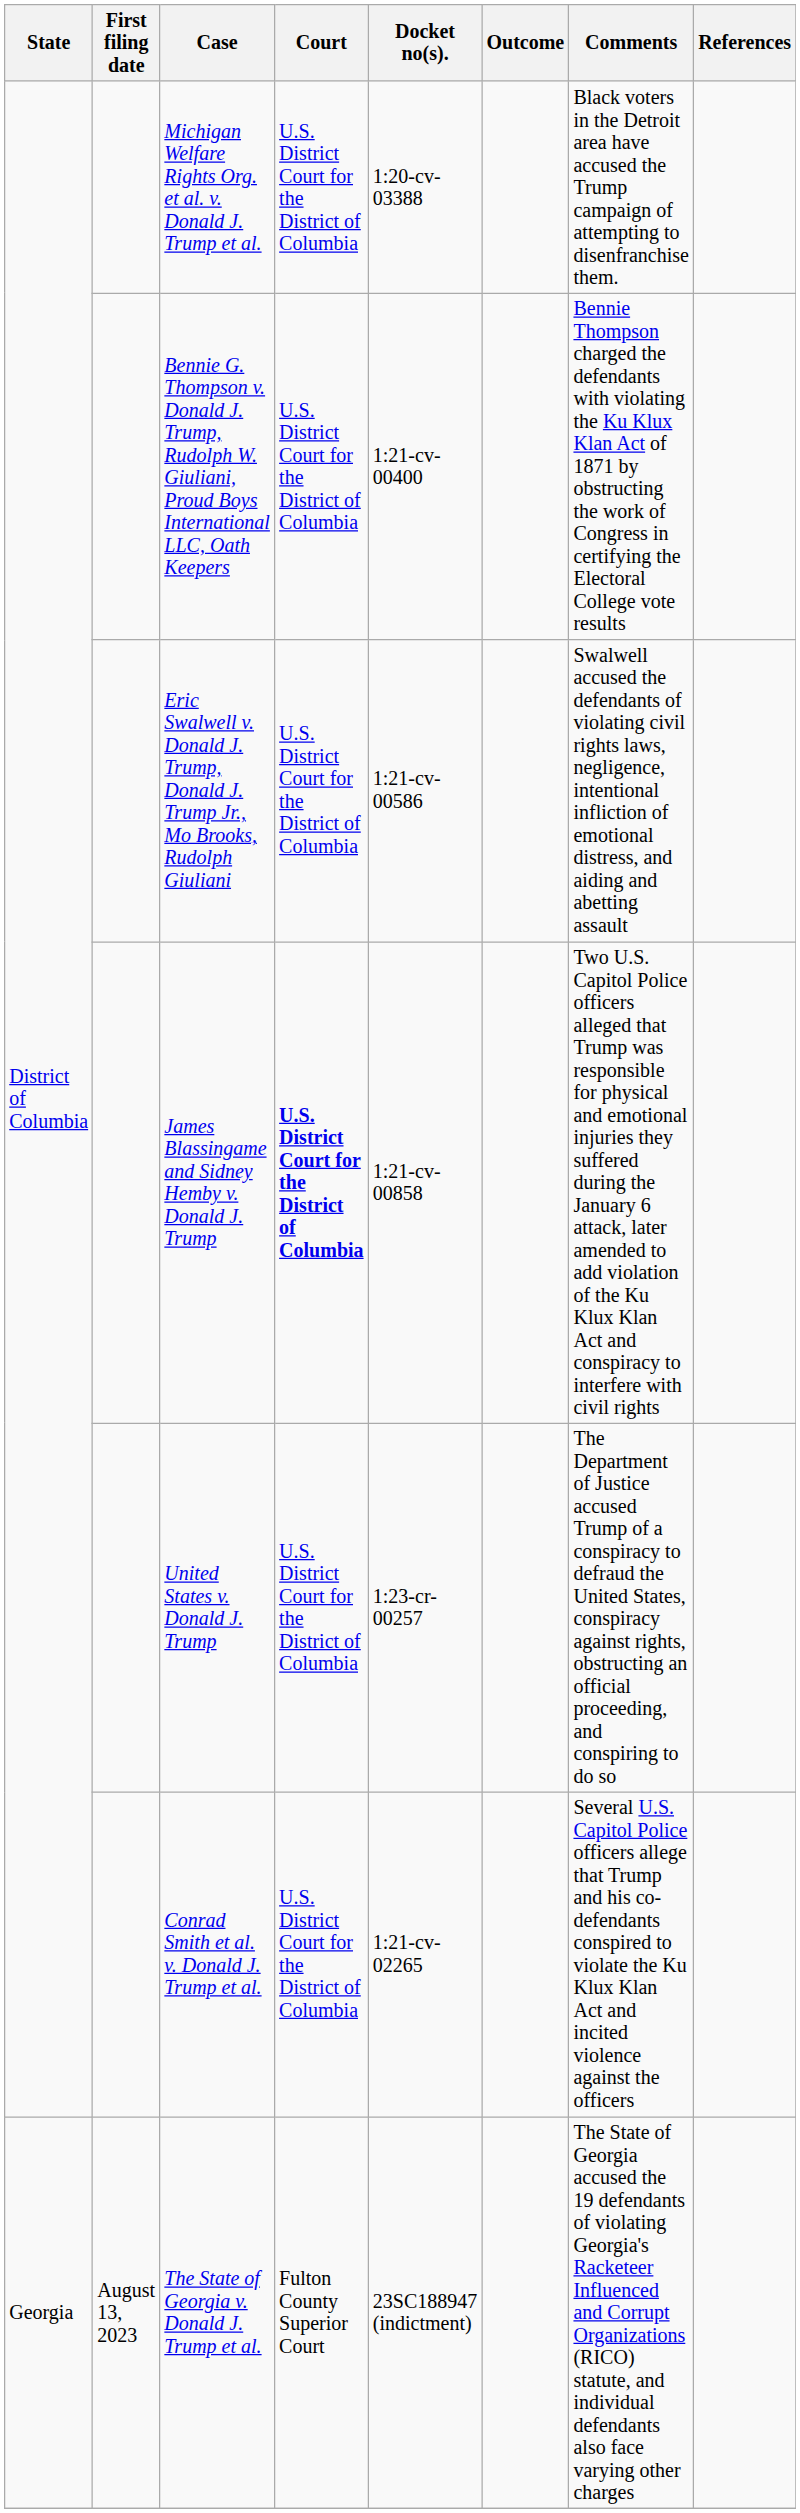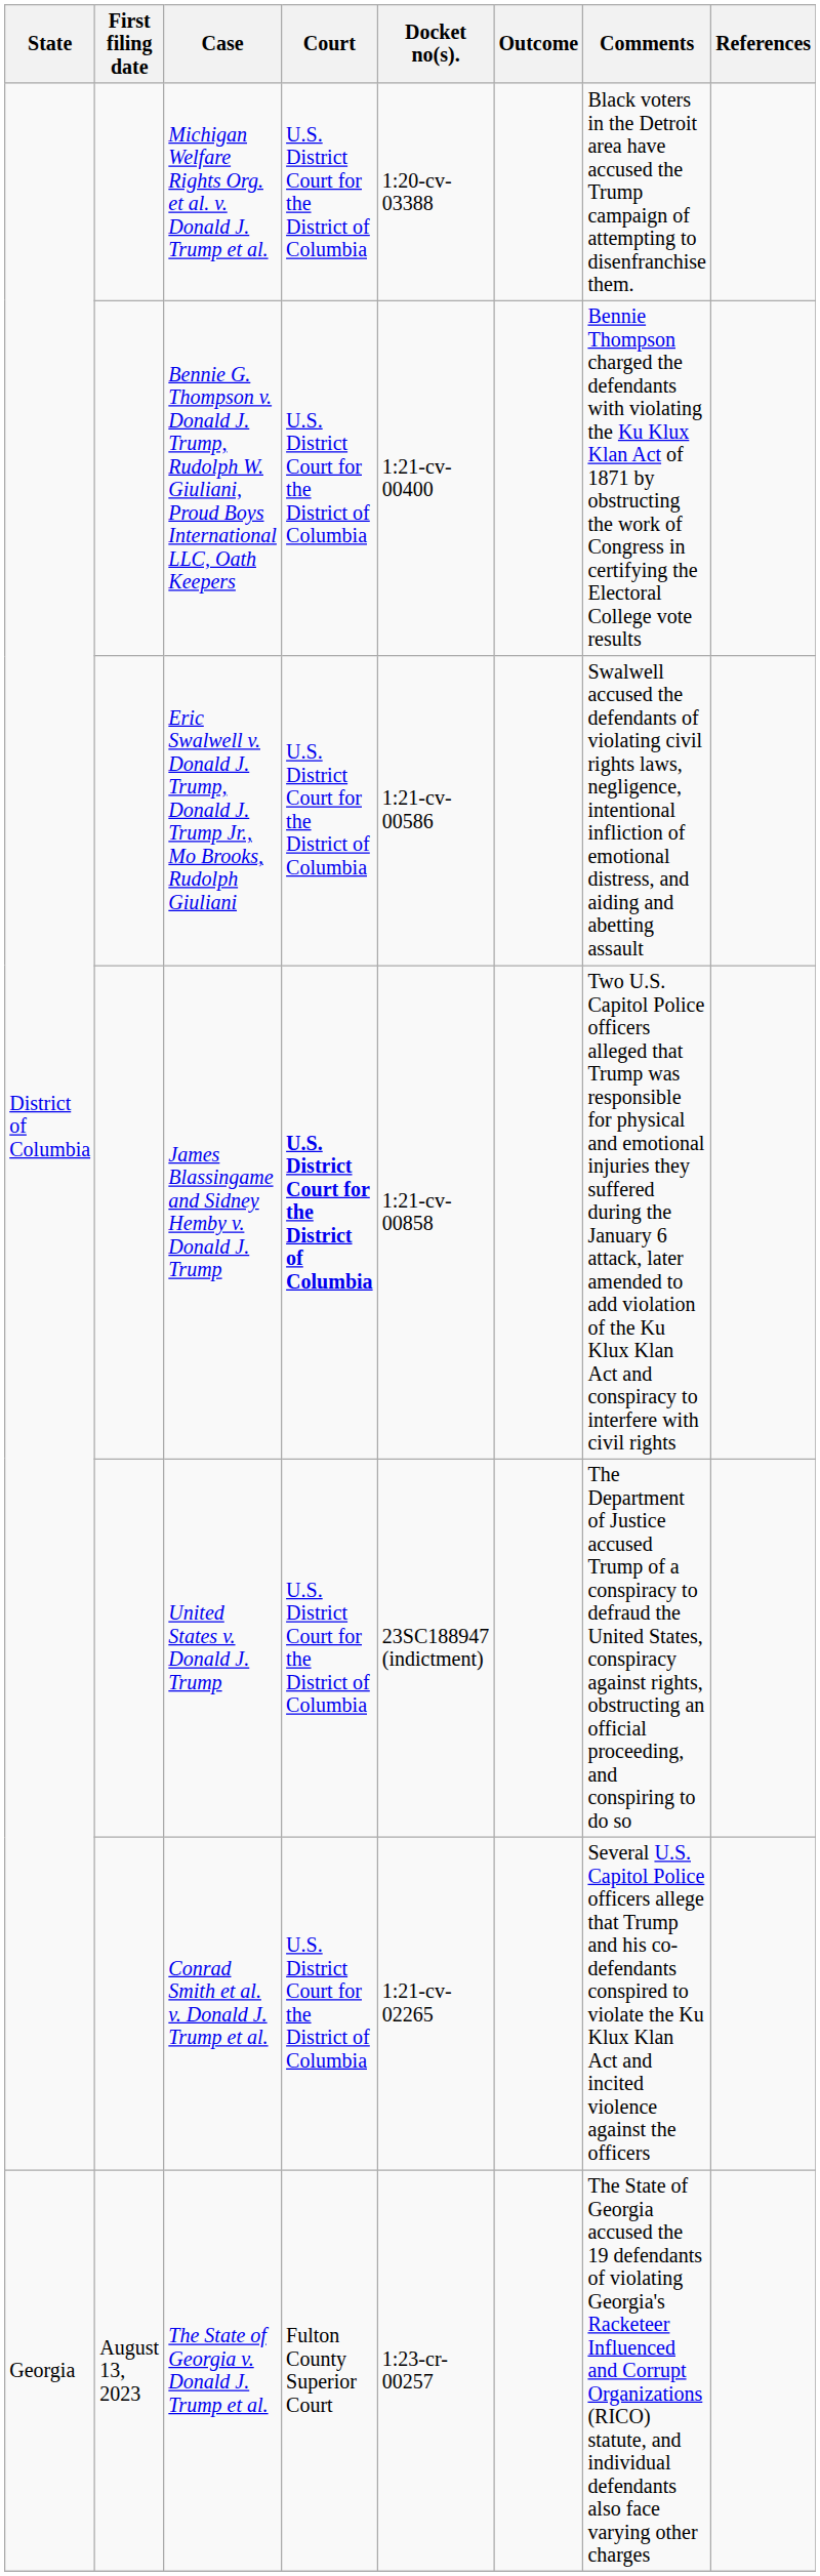 <table class="wikitable sortable mw-collapsible">
 <tr>
 <th>State</th>
 <th>First filing date</th>
 <th>Case</th>
 <th>Court</th>
 <th>Docket no(s).</th>
 <th>Outcome</th>
 <th class=unsortable>Comments</th>
 <th class=unsortable>References</th>
 </tr>
 <tr>
 <td rowspan=6><a href='#'>District of Columbia</a></td>
 <td></td>
 <td><em><a href='#'>Michigan Welfare Rights Org. et al. v. Donald J. Trump et al.</a></em></td>
 <td><a href='#'>U.S. District Court for the District of Columbia</a></td>
 <td>1:20-cv-03388</td>
 <td></td>
 <td>Black voters in the Detroit area have accused the Trump campaign of attempting to disenfranchise them.</td>
 <td></td>
 </tr>
 <tr>
 <td></td>
 <td><em><a href='#'>Bennie G. Thompson v. Donald J. Trump, Rudolph W. Giuliani, Proud Boys International LLC, Oath Keepers</a></em></td>
 <td><a href='#'>U.S. District Court for the District of Columbia</a></td>
 <td>1:21-cv-00400</td>
 <td></td>
 <td><a href='#'>Bennie Thompson</a> charged the defendants with violating the <a href='#'>Ku Klux Klan Act</a> of 1871 by obstructing the work of Congress in certifying the Electoral College vote results</td>
 <td></td>
 </tr>
 <tr>
 <td></td>
 <td><em><a href='#'>Eric Swalwell v. Donald J. Trump, Donald J. Trump Jr., Mo Brooks, Rudolph Giuliani</a></em></td>
 <td><a href='#'>U.S. District Court for the District of Columbia</a></td>
 <td>1:21-cv-00586</td>
 <td></td>
 <td>Swalwell accused the defendants of violating civil rights laws, negligence, intentional infliction of emotional distress, and aiding and abetting assault</td>
 <td></td>
 </tr>
 <tr>
 <td></td>
 <td><em><a href='#'>James Blassingame and Sidney Hemby v. Donald J. Trump</a></em></td>
 <td><strong><a href='#'>U.S. District Court for the District of Columbia</a></strong></td>
 <td>1:21-cv-00858</td>
 <td></td>
 <td>Two U.S. Capitol Police officers alleged that Trump was responsible for physical and emotional injuries they suffered during the January 6 attack, later amended to add violation of the Ku Klux Klan Act and conspiracy to interfere with civil rights</td>
 <td></td>
 </tr>
 <tr>
 <td></td>
 <td><em><a href='#'>United States v. Donald J. Trump</a></em></td>
 <td><a href='#'>U.S. District Court for the District of Columbia</a></td>
-<td>1:23-cr-00257</td>
+<td>23SC188947 (indictment)</td>
 <td></td>
 <td>The Department of Justice accused Trump of a conspiracy to defraud the United States, conspiracy against rights, obstructing an official proceeding, and conspiring to do so</td>
 <td></td>
 </tr>
 <tr>
 <td></td>
 <td><em><a href='#'>Conrad Smith et al. v. Donald J. Trump et al.</a></em></td>
 <td><a href='#'>U.S. District Court for the District of Columbia</a></td>
 <td>1:21-cv-02265</td>
 <td></td>
 <td>Several <a href='#'>U.S. Capitol Police</a> officers allege that Trump and his co-defendants conspired to violate the Ku Klux Klan Act and incited violence against the officers</td>
 <td></td>
 </tr>
 <tr>
 <td>Georgia</td>
 <td>August 13, 2023</td>
 <td><a href='#'><em>The State of Georgia v. Donald J. Trump et al.</em></a></td>
 <td>Fulton County Superior Court</td>
-<td>23SC188947 (indictment)</td>
+<td>1:23-cr-00257</td>
 <td></td>
 <td>The State of Georgia accused the 19 defendants of violating Georgia's <a href='#'>Racketeer Influenced and Corrupt Organizations</a> (RICO) statute, and individual defendants also face varying other charges</td>
 <td></td>
 </tr>
 <tr>
 </tr>
 </table>
